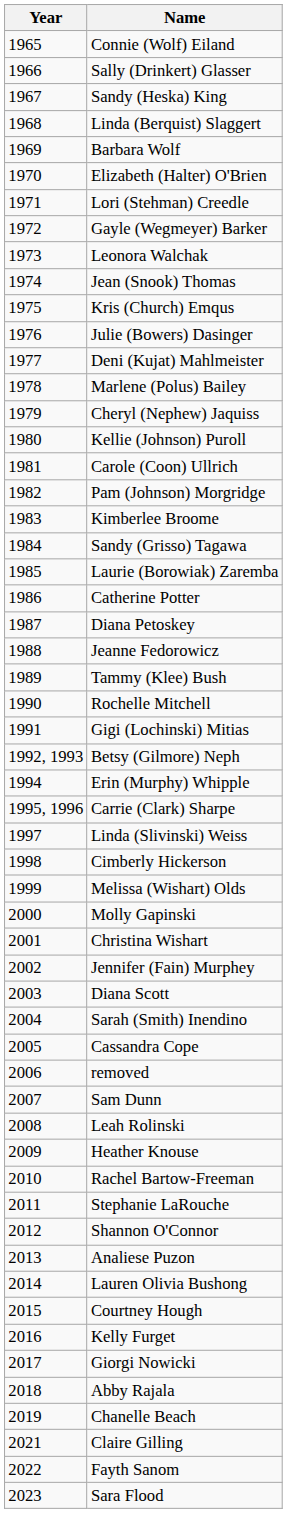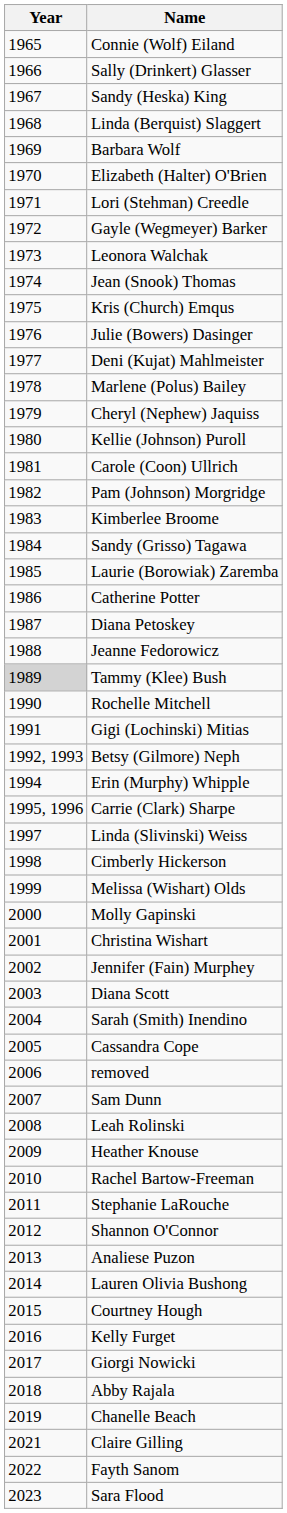 <table class="wikitable">
 <tr>
 <th>Year</th>
 <th>Name</th>
 </tr>
 <tr>
 <td>1965</td>
 <td>Connie (Wolf) Eiland</td>
 </tr>
 <tr>
 <td>1966</td>
 <td>Sally (Drinkert) Glasser</td>
 </tr>
 <tr>
 <td>1967</td>
 <td>Sandy (Heska) King</td>
 </tr>
 <tr>
 <td>1968</td>
 <td>Linda (Berquist) Slaggert</td>
 </tr>
 <tr>
 <td>1969</td>
 <td>Barbara Wolf</td>
 </tr>
 <tr>
 <td>1970</td>
 <td>Elizabeth (Halter) O'Brien</td>
 </tr>
 <tr>
 <td>1971</td>
 <td>Lori (Stehman) Creedle</td>
 </tr>
 <tr>
 <td>1972</td>
 <td>Gayle (Wegmeyer) Barker</td>
 </tr>
 <tr>
 <td>1973</td>
 <td>Leonora Walchak</td>
 </tr>
 <tr>
 <td>1974</td>
 <td>Jean (Snook) Thomas</td>
 </tr>
 <tr>
 <td>1975</td>
 <td>Kris (Church) Emqus</td>
 </tr>
 <tr>
 <td>1976</td>
 <td>Julie (Bowers) Dasinger</td>
 </tr>
 <tr>
 <td>1977</td>
 <td>Deni (Kujat) Mahlmeister</td>
 </tr>
 <tr>
 <td>1978</td>
 <td>Marlene (Polus) Bailey</td>
 </tr>
 <tr>
 <td>1979</td>
 <td>Cheryl (Nephew) Jaquiss</td>
 </tr>
 <tr>
 <td>1980</td>
 <td>Kellie (Johnson) Puroll</td>
 </tr>
 <tr>
 <td>1981</td>
 <td>Carole (Coon) Ullrich</td>
 </tr>
 <tr>
 <td>1982</td>
 <td>Pam (Johnson) Morgridge</td>
 </tr>
 <tr>
 <td>1983</td>
 <td>Kimberlee Broome</td>
 </tr>
 <tr>
 <td>1984</td>
 <td>Sandy (Grisso) Tagawa</td>
 </tr>
 <tr>
 <td>1985</td>
 <td>Laurie (Borowiak) Zaremba</td>
 </tr>
 <tr>
 <td>1986</td>
 <td>Catherine Potter</td>
 </tr>
 <tr>
 <td>1987</td>
 <td>Diana Petoskey</td>
 </tr>
 <tr>
 <td>1988</td>
 <td>Jeanne Fedorowicz</td>
 </tr>
 <tr>
-<td>1989</td>
+<td style="background: lightgrey;">1989</td>
 <td>Tammy (Klee) Bush</td>
 </tr>
 <tr>
 <td>1990</td>
 <td>Rochelle Mitchell</td>
 </tr>
 <tr>
 <td>1991</td>
 <td>Gigi (Lochinski) Mitias</td>
 </tr>
 <tr>
 <td>1992, 1993</td>
 <td>Betsy (Gilmore) Neph</td>
 </tr>
 <tr>
 <td>1994</td>
 <td>Erin (Murphy) Whipple</td>
 </tr>
 <tr>
 <td>1995, 1996</td>
 <td>Carrie (Clark) Sharpe</td>
 </tr>
 <tr>
 <td>1997</td>
 <td>Linda (Slivinski) Weiss</td>
 </tr>
 <tr>
 <td>1998</td>
 <td>Cimberly Hickerson</td>
 </tr>
 <tr>
 <td>1999</td>
 <td>Melissa (Wishart) Olds</td>
 </tr>
 <tr>
 <td>2000</td>
 <td>Molly Gapinski</td>
 </tr>
 <tr>
 <td>2001</td>
 <td>Christina Wishart</td>
 </tr>
 <tr>
 <td>2002</td>
 <td>Jennifer (Fain) Murphey</td>
 </tr>
 <tr>
 <td>2003</td>
 <td>Diana Scott</td>
 </tr>
 <tr>
 <td>2004</td>
 <td>Sarah (Smith) Inendino</td>
 </tr>
 <tr>
 <td>2005</td>
 <td>Cassandra Cope</td>
 </tr>
 <tr>
 <td>2006</td>
 <td>removed</td>
 </tr>
 <tr>
 <td>2007</td>
 <td>Sam Dunn</td>
 </tr>
 <tr>
 <td>2008</td>
 <td>Leah Rolinski</td>
 </tr>
 <tr>
 <td>2009</td>
 <td>Heather Knouse</td>
 </tr>
 <tr>
 <td>2010</td>
 <td>Rachel Bartow-Freeman</td>
 </tr>
 <tr>
 <td>2011</td>
 <td>Stephanie LaRouche</td>
 </tr>
 <tr>
 <td>2012</td>
 <td>Shannon O'Connor</td>
 </tr>
 <tr>
 <td>2013</td>
 <td>Analiese Puzon</td>
 </tr>
 <tr>
 <td>2014</td>
 <td>Lauren Olivia Bushong</td>
 </tr>
 <tr>
 <td>2015</td>
 <td>Courtney Hough</td>
 </tr>
 <tr>
 <td>2016</td>
 <td>Kelly Furget</td>
 </tr>
 <tr>
 <td>2017</td>
 <td>Giorgi Nowicki</td>
 </tr>
 <tr>
 <td>2018</td>
 <td>Abby Rajala</td>
 </tr>
 <tr>
 <td>2019</td>
 <td>Chanelle Beach</td>
 </tr>
 <tr>
 <td>2021</td>
 <td>Claire Gilling</td>
 </tr>
 <tr>
 <td>2022</td>
 <td>Fayth Sanom</td>
 </tr>
 <tr>
 <td>2023</td>
 <td>Sara Flood</td>
 </tr>
 </table>
